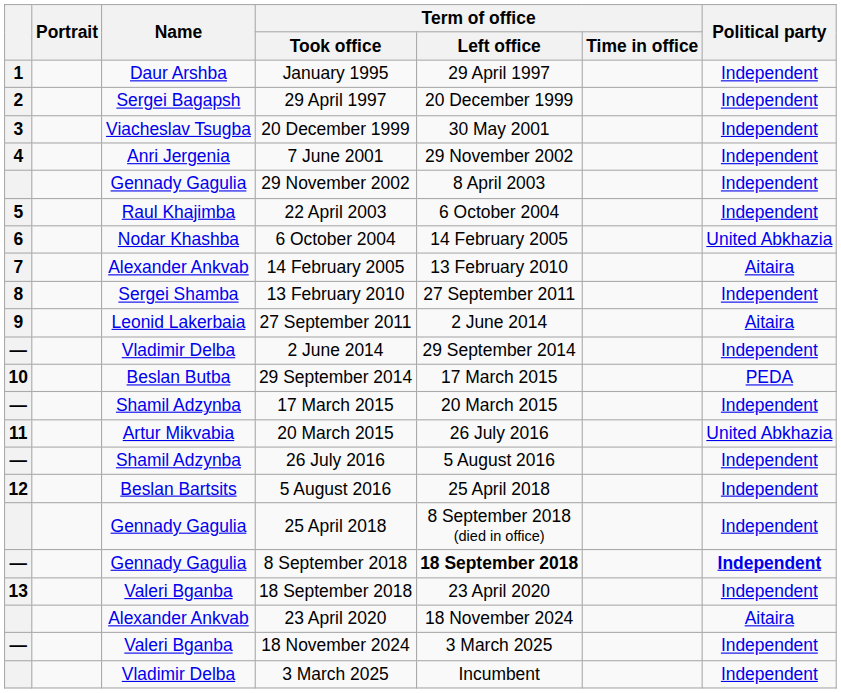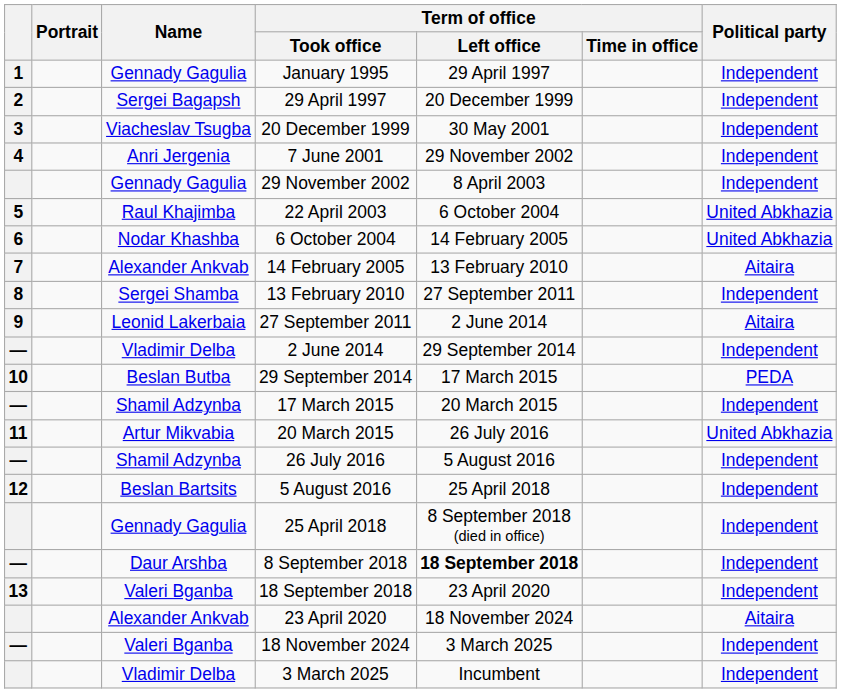 <table class="wikitable" style="text-align:center">
 <tr>
 <th rowspan=2></th>
 <th rowspan=2>Portrait</th>
 <th rowspan=2>Name<br></th>
 <th colspan=3>Term of office</th>
 <th rowspan=2>Political party</th>
 </tr>
 <tr>
 <th>Took office</th>
 <th>Left office</th>
 <th>Time in office</th>
 </tr>
 <tr>
 <th style="background:">1</th>
 <td></td>
-<td><a href='#'>Daur Arshba</a><br></td>
+<td><a href='#'>Gennady Gagulia</a><br></td>
 <td>January 1995</td>
 <td>29 April 1997</td>
 <td></td>
 <td><a href='#'>Independent</a></td>
 </tr>
 <tr>
 <th style="background:">2</th>
 <td></td>
 <td><a href='#'>Sergei Bagapsh</a><br></td>
 <td>29 April 1997</td>
 <td>20 December 1999</td>
 <td></td>
 <td><a href='#'>Independent</a></td>
 </tr>
 <tr>
 <th style="background:">3</th>
 <td></td>
 <td><a href='#'>Viacheslav Tsugba</a><br></td>
 <td>20 December 1999</td>
 <td>30 May 2001</td>
 <td></td>
 <td><a href='#'>Independent</a></td>
 </tr>
 <tr>
 <th style="background:">4</th>
 <td></td>
 <td><a href='#'>Anri Jergenia</a><br></td>
 <td>7 June 2001</td>
 <td>29 November 2002</td>
 <td></td>
 <td><a href='#'>Independent</a></td>
 </tr>
 <tr>
 <th style="background:"></th>
 <td></td>
 <td><a href='#'>Gennady Gagulia</a><br></td>
 <td>29 November 2002</td>
 <td>8 April 2003</td>
 <td></td>
 <td><a href='#'>Independent</a></td>
 </tr>
 <tr>
 <th style="background:">5</th>
 <td></td>
 <td><a href='#'>Raul Khajimba</a><br></td>
 <td>22 April 2003</td>
 <td>6 October 2004</td>
 <td></td>
-<td><a href='#'>Independent</a></td>
+<td><a href='#'>United Abkhazia</a></td>
 </tr>
 <tr>
 <th style="background:">6</th>
 <td></td>
 <td><a href='#'>Nodar Khashba</a><br></td>
 <td>6 October 2004</td>
 <td>14 February 2005</td>
 <td></td>
 <td><a href='#'>United Abkhazia</a></td>
 </tr>
 <tr>
 <th style="background:">7</th>
 <td></td>
 <td><a href='#'>Alexander Ankvab</a><br></td>
 <td>14 February 2005</td>
 <td>13 February 2010</td>
 <td></td>
 <td><a href='#'>Aitaira</a></td>
 </tr>
 <tr>
 <th style="background:">8</th>
 <td></td>
 <td><a href='#'>Sergei Shamba</a><br></td>
 <td>13 February 2010</td>
 <td>27 September 2011</td>
 <td></td>
 <td><a href='#'>Independent</a></td>
 </tr>
 <tr>
 <th style="background:">9</th>
 <td></td>
 <td><a href='#'>Leonid Lakerbaia</a><br></td>
 <td>27 September 2011</td>
 <td>2 June 2014</td>
 <td></td>
 <td><a href='#'>Aitaira</a></td>
 </tr>
 <tr>
 <th style="background:">—</th>
 <td></td>
 <td><a href='#'>Vladimir Delba</a><br></td>
 <td>2 June 2014</td>
 <td>29 September 2014</td>
 <td></td>
 <td><a href='#'>Independent</a></td>
 </tr>
 <tr>
 <th style="background:">10</th>
 <td></td>
 <td><a href='#'>Beslan Butba</a><br></td>
 <td>29 September 2014</td>
 <td>17 March 2015</td>
 <td></td>
 <td><a href='#'>PEDA</a></td>
 </tr>
 <tr>
 <th style="background:">—</th>
 <td></td>
 <td><a href='#'>Shamil Adzynba</a><br></td>
 <td>17 March 2015</td>
 <td>20 March 2015</td>
 <td></td>
 <td><a href='#'>Independent</a></td>
 </tr>
 <tr>
 <th style="background:">11</th>
 <td></td>
 <td><a href='#'>Artur Mikvabia</a><br></td>
 <td>20 March 2015</td>
 <td>26 July 2016</td>
 <td></td>
 <td><a href='#'>United Abkhazia</a></td>
 </tr>
 <tr>
 <th style="background:">—</th>
 <td></td>
 <td><a href='#'>Shamil Adzynba</a><br></td>
 <td>26 July 2016</td>
 <td>5 August 2016</td>
 <td></td>
 <td><a href='#'>Independent</a></td>
 </tr>
 <tr>
 <th style="background:">12</th>
 <td></td>
 <td><a href='#'>Beslan Bartsits</a><br></td>
 <td>5 August 2016</td>
 <td>25 April 2018</td>
 <td></td>
 <td><a href='#'>Independent</a></td>
 </tr>
 <tr>
 <th style="background:"></th>
 <td></td>
 <td><a href='#'>Gennady Gagulia</a><br></td>
 <td>25 April 2018</td>
 <td>8 September 2018<br><small>(died in office)</small></td>
 <td></td>
 <td><a href='#'>Independent</a></td>
 </tr>
 <tr>
 <th style="background:">—</th>
 <td></td>
-<td><a href='#'>Gennady Gagulia</a><br></td>
+<td><a href='#'>Daur Arshba</a><br></td>
 <td>8 September 2018</td>
 <td><strong>18 September 2018</strong></td>
 <td></td>
-<td><strong><a href='#'>Independent</a></strong></td>
+<td><a href='#'>Independent</a></td>
 </tr>
 <tr>
 <th style="background:">13</th>
 <td></td>
 <td><a href='#'>Valeri Bganba</a><br></td>
 <td>18 September 2018</td>
 <td>23 April 2020</td>
 <td></td>
 <td><a href='#'>Independent</a></td>
 </tr>
 <tr>
 <th style="background:"></th>
 <td></td>
 <td><a href='#'>Alexander Ankvab</a><br></td>
 <td>23 April 2020</td>
 <td>18 November 2024</td>
 <td></td>
 <td><a href='#'>Aitaira</a></td>
 </tr>
 <tr>
 <th style="background:">—</th>
 <td></td>
 <td><a href='#'>Valeri Bganba</a><br></td>
 <td>18 November 2024</td>
 <td>3 March 2025</td>
 <td></td>
 <td><a href='#'>Independent</a></td>
 </tr>
 <tr>
 <th style="background:"></th>
 <td></td>
 <td><a href='#'>Vladimir Delba</a><br></td>
 <td>3 March 2025</td>
 <td>Incumbent</td>
 <td></td>
 <td><a href='#'>Independent</a></td>
 </tr>
 </table>
